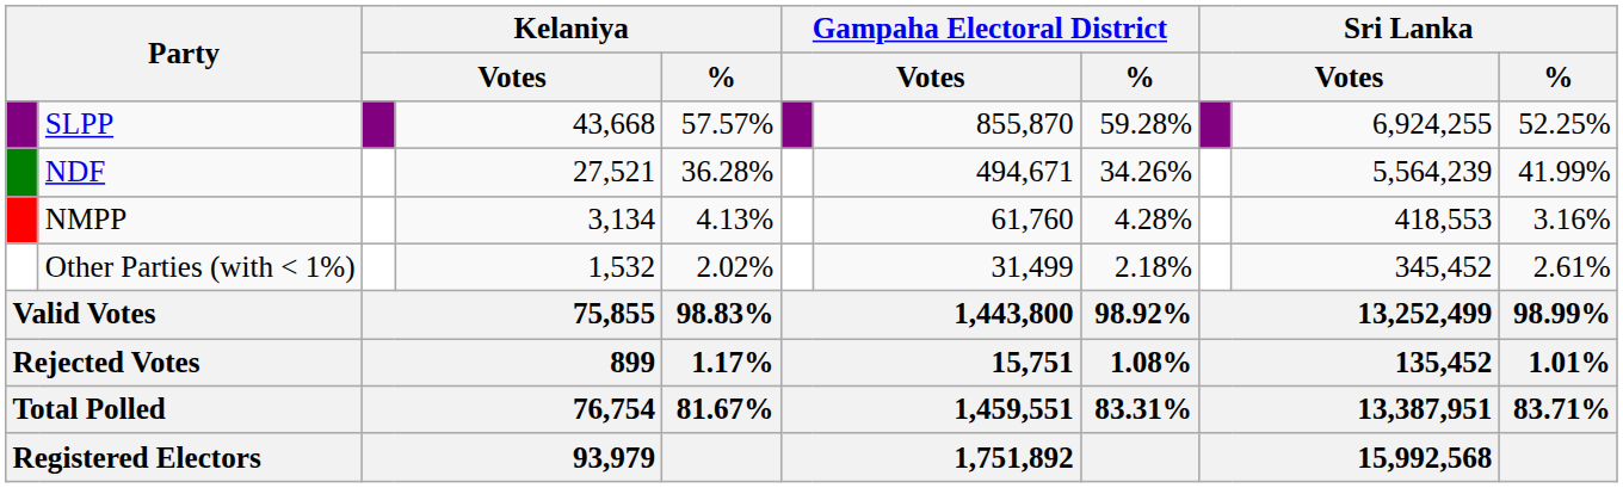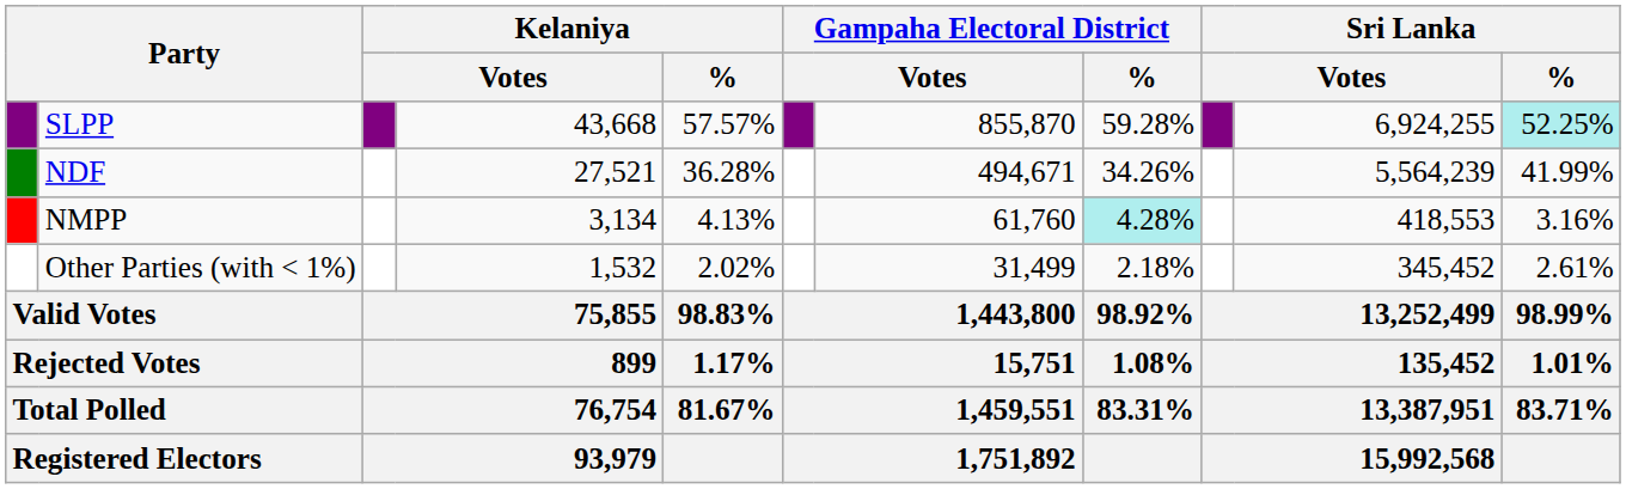 <table class="wikitable">
 <tr>
 <th colspan="2" width="144px"rowspan="2">Party</th>
 <th colspan="3" width="216px">Kelaniya</th>
 <th colspan="3" width="216px"><a href='#'>Gampaha Electoral District</a></th>
 <th colspan="3" width="216px">Sri Lanka</th>
 </tr>
 <tr>
 <th colspan="2" width="144px">Votes</th>
 <th>%</th>
 <th colspan="2" width="144px">Votes</th>
 <th>%</th>
 <th colspan="2" width="144px">Votes</th>
 <th>%</th>
 </tr>
 <tr>
 <td style="background-color:purple;" width="10px"></td>
 <td style="text-align:left;"><a href='#'>SLPP</a></td>
 <td style="background-color:purple;" width="10px"></td>
 <td style="text-align:right;">43,668</td>
 <td style="text-align:right;">57.57%</td>
 <td style="background-color:purple;" width="10px"></td>
 <td style="text-align:right;">855,870</td>
 <td style="text-align:right;">59.28%</td>
 <td style="background-color:purple;" width="10px"></td>
 <td style="text-align:right;">6,924,255</td>
-<td style="text-align:right;">52.25%</td>
+<td style="background: paleturquoise; text-align:right;">52.25%</td>
 </tr>
 <tr>
 <td style="background-color:green;" width="10px"></td>
 <td style="text-align:left;"><a href='#'>NDF</a></td>
 <td style="background-color:white;" width="10px"></td>
 <td style="text-align:right;">27,521</td>
 <td style="text-align:right;">36.28%</td>
 <td style="background-color:white;" width="10px"></td>
 <td style="text-align:right;">494,671</td>
 <td style="text-align:right;">34.26%</td>
 <td style="background-color:white;" width="10px"></td>
 <td style="text-align:right;">5,564,239</td>
 <td style="text-align:right;">41.99%</td>
 </tr>
 <tr>
 <td style="background-color:red;" width="10px"></td>
 <td style="text-align:left;">NMPP</td>
 <td style="background-color:white;" width="10px"></td>
 <td style="text-align:right;">3,134</td>
 <td style="text-align:right;">4.13%</td>
 <td style="background-color:white;" width="10px"></td>
 <td style="text-align:right;">61,760</td>
-<td style="text-align:right;">4.28%</td>
+<td style="background: paleturquoise; text-align:right;">4.28%</td>
 <td style="background-color:white;" width="10px"></td>
 <td style="text-align:right;">418,553</td>
 <td style="text-align:right;">3.16%</td>
 </tr>
 <tr>
 <td style="background-color:white;" width="10px"></td>
 <td style="text-align:left;">Other Parties (with < 1%)</td>
 <td style="background-color:white;" width="10px"></td>
 <td style="text-align:right;">1,532</td>
 <td style="text-align:right;">2.02%</td>
 <td style="background-color:white;" width="10px"></td>
 <td style="text-align:right;">31,499</td>
 <td style="text-align:right;">2.18%</td>
 <td style="background-color:white;" width="10px"></td>
 <td style="text-align:right;">345,452</td>
 <td style="text-align:right;">2.61%</td>
 </tr>
 <tr>
 <th colspan="2" width="144px"style="text-align:left;">Valid Votes</th>
 <th style="text-align:right;"colspan="2" width="144px">75,855</th>
 <th style="text-align:right;">98.83%</th>
 <th style="text-align:right;"colspan="2" width="144px">1,443,800</th>
 <th style="text-align:right;">98.92%</th>
 <th style="text-align:right;"colspan="2" width="144px">13,252,499</th>
 <th style="text-align:right;">98.99%</th>
 </tr>
 <tr>
 <th colspan="2" width="144px"style="text-align:left;">Rejected Votes</th>
 <th style="text-align:right;"colspan="2" width="144px">899</th>
 <th style="text-align:right;">1.17%</th>
 <th style="text-align:right;"colspan="2" width="144px">15,751</th>
 <th style="text-align:right;">1.08%</th>
 <th style="text-align:right;"colspan="2" width="144px">135,452</th>
 <th style="text-align:right;">1.01%</th>
 </tr>
 <tr>
 <th colspan="2" width="144px"style="text-align:left;">Total Polled</th>
 <th style="text-align:right;"colspan="2" width="144px">76,754</th>
 <th style="text-align:right;">81.67%</th>
 <th style="text-align:right;"colspan="2" width="144px">1,459,551</th>
 <th style="text-align:right;">83.31%</th>
 <th style="text-align:right;"colspan="2" width="144px">13,387,951</th>
 <th style="text-align:right;">83.71%</th>
 </tr>
 <tr>
 <th colspan="2" width="144px"style="text-align:left;">Registered Electors</th>
 <th style="text-align:right;"colspan="2" width="144px">93,979</th>
 <th></th>
 <th style="text-align:right;"colspan="2" width="144px">1,751,892</th>
 <th></th>
 <th style="text-align:right;"colspan="2" width="144px">15,992,568</th>
 <th></th>
 </tr>
 </table>
